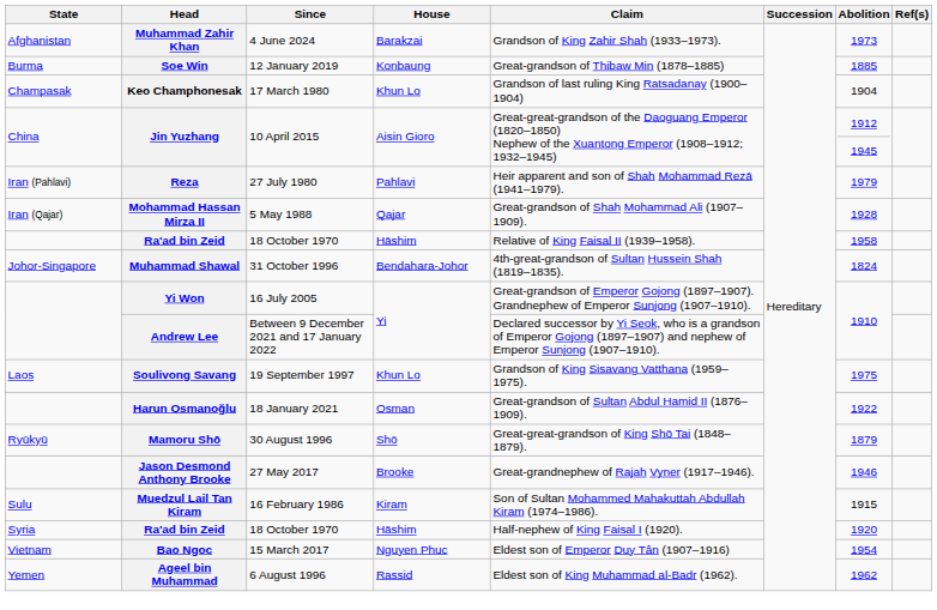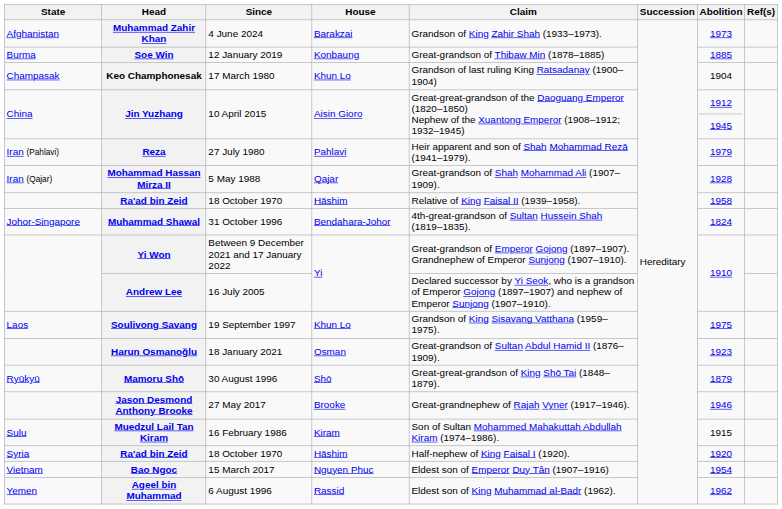 <table class="wikitable sortable">
 <tr>
 <th width="150pt">State</th>
 <th>Head</th>
 <th>Since</th>
 <th width="150pt">House</th>
 <th>Claim</th>
 <th>Succession</th>
 <th>Abolition</th>
 <th>Ref(s)</th>
 </tr>
 <tr>
 <td> <a href='#'>Afghanistan</a></td>
 <th scope="row"><a href='#'>Muhammad Zahir Khan</a></th>
 <td>4 June 2024</td>
 <td><a href='#'>Barakzai</a></td>
 <td>Grandson of <a href='#'>King</a> <a href='#'>Zahir Shah</a> (1933–1973).</td>
 <td rowspan="18">Hereditary</td>
 <td style="text-align:center;"><a href='#'>1973</a></td>
 <td style="text-align:center;"></td>
 </tr>
 <tr>
 <td> <a href='#'>Burma</a></td>
 <th scope="row"><a href='#'>Soe Win</a></th>
 <td>12 January 2019</td>
 <td><a href='#'>Konbaung</a></td>
 <td>Great-grandson of <a href='#'>Thibaw Min</a> (1878–1885)</td>
 <td style="text-align:center;"><a href='#'>1885</a></td>
 <td style="text-align:center;"></td>
 </tr>
 <tr>
 <td> <a href='#'>Champasak</a></td>
 <th scope="row">Keo Champhonesak</th>
 <td>17 March 1980</td>
 <td><a href='#'>Khun Lo</a></td>
 <td>Grandson of last ruling King <a href='#'>Ratsadanay</a> (1900–1904)</td>
 <td style="text-align:center;">1904</td>
 <td style="text-align:center;"></td>
 </tr>
 <tr>
 <td> <a href='#'>China</a></td>
 <th scope="row"><a href='#'>Jin Yuzhang</a></th>
 <td>10 April 2015</td>
 <td><a href='#'>Aisin Gioro</a></td>
 <td>Great-great-grandson of the <a href='#'>Daoguang Emperor</a> (1820–1850) <br>Nephew of the <a href='#'>Xuantong Emperor</a> (1908–1912; 1932–1945)</td>
 <td style="text-align:center;"><a href='#'>1912</a><br><hr><a href='#'>1945</a><br></td>
 <td style="text-align:center;"></td>
 </tr>
 <tr>
 <td> <a href='#'>Iran</a> <small>(Pahlavi)</small></td>
 <th scope="row"><a href='#'>Reza</a></th>
 <td>27 July 1980</td>
 <td><a href='#'>Pahlavi</a></td>
 <td>Heir apparent and son of <a href='#'>Shah</a> <a href='#'>Mohammad Rezā</a> (1941–1979).</td>
 <td style="text-align:center;"><a href='#'>1979</a></td>
 <td style="text-align:center;"></td>
 </tr>
 <tr>
 <td> <a href='#'>Iran</a> <small>(Qajar)</small></td>
 <th scope="row"><a href='#'>Mohammad Hassan Mirza II</a></th>
 <td>5 May 1988</td>
 <td><a href='#'>Qajar</a></td>
 <td>Great-grandson of <a href='#'>Shah</a> <a href='#'>Mohammad Ali</a> (1907–1909).</td>
 <td style="text-align:center;"><a href='#'>1928</a></td>
 <td style="text-align:center;"></td>
 </tr>
 <tr>
 <td></td>
 <th scope="row"><a href='#'>Ra'ad bin Zeid</a></th>
 <td>18 October 1970</td>
 <td><a href='#'>Hāshim</a></td>
 <td>Relative of <a href='#'>King</a> <a href='#'>Faisal II</a> (1939–1958).</td>
 <td style="text-align:center;"><a href='#'>1958</a></td>
 <td style="text-align:center;"></td>
 </tr>
 <tr>
 <td> <a href='#'>Johor-Singapore</a></td>
 <th scope="row"><a href='#'>Muhammad Shawal</a></th>
 <td>31 October 1996</td>
 <td><a href='#'>Bendahara-Johor</a></td>
 <td>4th-great-grandson of <a href='#'>Sultan</a> <a href='#'>Hussein Shah</a> (1819–1835).</td>
 <td style="text-align:center;"><a href='#'>1824</a></td>
 <td style="text-align:center;"></td>
 </tr>
 <tr>
 <td rowspan="2"></td>
 <th scope="row"><a href='#'>Yi Won</a></th>
-<td>16 July 2005</td>
+<td>Between 9 December 2021 and 17 January 2022</td>
 <td rowspan="2"><a href='#'>Yi</a></td>
 <td>Great-grandson of <a href='#'>Emperor</a> <a href='#'>Gojong</a> (1897–1907).<br>Grandnephew of Emperor <a href='#'>Sunjong</a> (1907–1910).</td>
 <td rowspan="2" style="text-align:center;"><a href='#'>1910</a></td>
 <td style="text-align:center;"></td>
 </tr>
 <tr>
 <th scope="row"><a href='#'>Andrew Lee</a></th>
-<td>Between 9 December 2021 and 17 January 2022</td>
+<td>16 July 2005</td>
 <td>Declared successor by <a href='#'>Yi Seok</a>, who is a grandson of Emperor <a href='#'>Gojong</a> (1897–1907) and nephew of Emperor <a href='#'>Sunjong</a> (1907–1910).</td>
 <td style="text-align:center;"></td>
 </tr>
 <tr>
 <td> <a href='#'>Laos</a></td>
 <th scope="row"><a href='#'>Soulivong Savang</a></th>
 <td>19 September 1997</td>
 <td><a href='#'>Khun Lo</a></td>
 <td>Grandson of <a href='#'>King</a> <a href='#'>Sisavang Vatthana</a> (1959–1975).</td>
 <td style="text-align:center;"><a href='#'>1975</a></td>
 <td style="text-align:center;"></td>
 </tr>
 <tr>
 <td></td>
 <th scope="row"><a href='#'>Harun Osmanoğlu</a></th>
 <td>18 January 2021</td>
 <td><a href='#'>Osman</a></td>
 <td>Great-grandson of <a href='#'>Sultan</a> <a href='#'>Abdul Hamid II</a> (1876–1909).</td>
-<td style="text-align:center;"><a href='#'>1922</a></td>
+<td style="text-align:center;"><a href='#'>1923</a></td>
 <td style="text-align:center;"></td>
 </tr>
 <tr>
 <td> <a href='#'>Ryūkyū</a></td>
 <th scope="row"><a href='#'>Mamoru Shō</a></th>
 <td>30 August 1996</td>
 <td><a href='#'>Shō</a></td>
 <td>Great-great-grandson of <a href='#'>King</a> <a href='#'>Shō Tai</a> (1848–1879).</td>
 <td style="text-align:center;"><a href='#'>1879</a></td>
 <td style="text-align:center;"></td>
 </tr>
 <tr>
 <td></td>
 <th scope="row"><a href='#'>Jason Desmond Anthony Brooke</a></th>
 <td>27 May 2017</td>
 <td><a href='#'>Brooke</a></td>
 <td>Great-grandnephew of <a href='#'>Rajah</a> <a href='#'>Vyner</a> (1917–1946).</td>
 <td style="text-align:center;"><a href='#'>1946</a></td>
 <td style="text-align:center;"></td>
 </tr>
 <tr>
 <td> <a href='#'>Sulu</a></td>
 <th scope="row"><a href='#'>Muedzul Lail Tan Kiram</a></th>
 <td>16 February 1986</td>
 <td><a href='#'>Kiram</a></td>
 <td>Son of Sultan <a href='#'>Mohammed Mahakuttah Abdullah Kiram</a> (1974–1986).</td>
 <td style="text-align:center;">1915</td>
 <td style="text-align:center;"></td>
 </tr>
 <tr>
 <td> <a href='#'>Syria</a></td>
 <th scope="row"><a href='#'>Ra'ad bin Zeid</a></th>
 <td>18 October 1970</td>
 <td><a href='#'>Hāshim</a></td>
 <td>Half-nephew of <a href='#'>King</a> <a href='#'>Faisal I</a> (1920).</td>
 <td style="text-align:center;"><a href='#'>1920</a></td>
 <td style="text-align:center;"></td>
 </tr>
 <tr>
 <td> <a href='#'>Vietnam</a></td>
 <th scope="row"><a href='#'>Bao Ngoc</a></th>
 <td>15 March 2017</td>
 <td><a href='#'>Nguyen Phuc</a></td>
 <td>Eldest son of <a href='#'>Emperor</a> <a href='#'>Duy Tân</a> (1907–1916)</td>
 <td style="text-align:center;"><a href='#'>1954</a></td>
 <td style="text-align:center;"></td>
 </tr>
 <tr>
 <td> <a href='#'>Yemen</a></td>
 <th scope="row"><a href='#'>Ageel bin Muhammad</a></th>
 <td>6 August 1996</td>
 <td><a href='#'>Rassid</a></td>
 <td>Eldest son of <a href='#'>King</a> <a href='#'>Muhammad al-Badr</a> (1962).</td>
 <td style="text-align:center;"><a href='#'>1962</a></td>
 <td style="text-align:center;"></td>
 </tr>
 </table>
